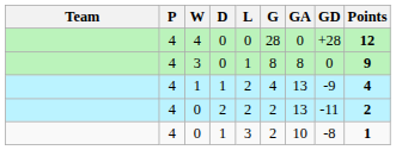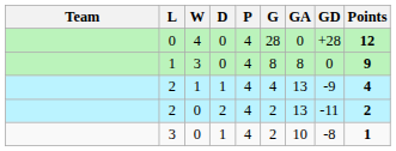 <table class="wikitable" style="text-align:center">
 <tr>
 <th width=160>Team</th>
-<th width=20>P</th>
+<th width=20>L</th>
 <th width=20>W</th>
 <th width=20>D</th>
-<th width=20>L</th>
+<th width=20>P</th>
 <th width=20>G</th>
 <th width=20>GA</th>
 <th width=20>GD</th>
 <th width=20>Points</th>
 </tr>
 <tr style="background-color:#BBF3BB">
 <td align="left"></td>
-<td>4</td>
+<td>0</td>
 <td>4</td>
 <td>0</td>
-<td>0</td>
+<td>4</td>
 <td>28</td>
 <td>0</td>
 <td>+28</td>
 <td><strong>12</strong></td>
 </tr>
 <tr style="background-color:#BBF3BB">
 <td align="left"></td>
-<td>4</td>
+<td>1</td>
 <td>3</td>
 <td>0</td>
-<td>1</td>
+<td>4</td>
 <td>8</td>
 <td>8</td>
 <td>0</td>
 <td><strong>9</strong></td>
 </tr>
 <tr style="background-color:#BBF3FF">
 <td align="left"></td>
-<td>4</td>
+<td>2</td>
 <td>1</td>
 <td>1</td>
-<td>2</td>
+<td>4</td>
 <td>4</td>
 <td>13</td>
 <td>-9</td>
 <td><strong>4</strong></td>
 </tr>
 <tr style="background-color:#BBF3FF">
 <td align="left"></td>
-<td>4</td>
+<td>2</td>
 <td>0</td>
 <td>2</td>
-<td>2</td>
+<td>4</td>
 <td>2</td>
 <td>13</td>
 <td>-11</td>
 <td><strong>2</strong></td>
 </tr>
 <tr>
 <td align="left"></td>
-<td>4</td>
+<td>3</td>
 <td>0</td>
 <td>1</td>
-<td>3</td>
+<td>4</td>
 <td>2</td>
 <td>10</td>
 <td>-8</td>
 <td><strong>1</strong></td>
 </tr>
 </table>
